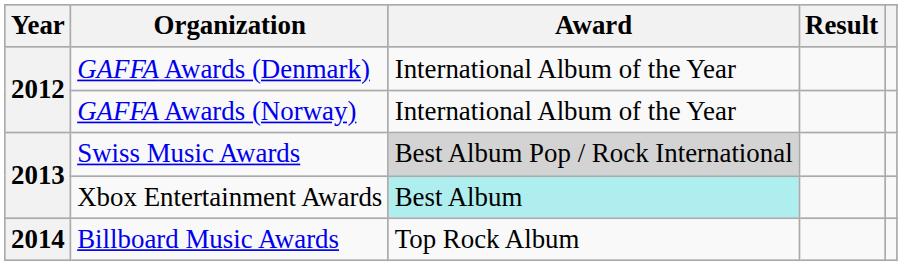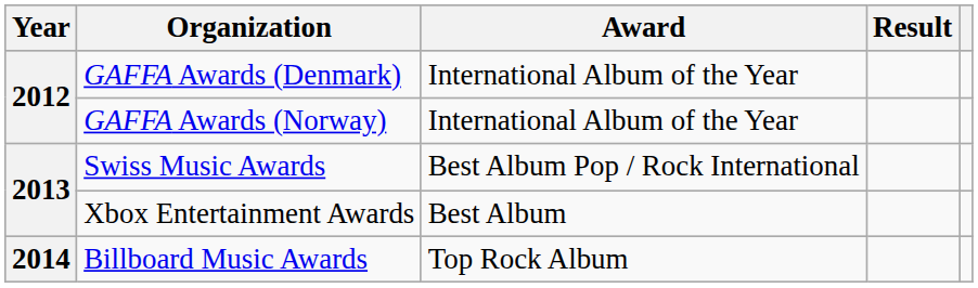 <table class="wikitable plainrowheaders">
 <tr>
 <th>Year</th>
 <th>Organization</th>
 <th>Award</th>
 <th>Result</th>
 <th></th>
 </tr>
 <tr>
 <th rowspan="2" scope="row">2012</th>
 <td><a href='#'><em>GAFFA</em> Awards (Denmark)</a></td>
 <td>International Album of the Year</td>
 <td></td>
 <td></td>
 </tr>
 <tr>
 <td><a href='#'><em>GAFFA</em> Awards (Norway)</a></td>
 <td>International Album of the Year</td>
 <td></td>
 <td></td>
 </tr>
 <tr>
 <th rowspan="2" scope="row">2013</th>
 <td><a href='#'>Swiss Music Awards</a></td>
-<td style="background: lightgrey;">Best Album Pop / Rock International</td>
+<td>Best Album Pop / Rock International</td>
 <td></td>
 <td></td>
 </tr>
 <tr>
 <td>Xbox Entertainment Awards</td>
-<td style="background: paleturquoise;">Best Album</td>
+<td>Best Album</td>
 <td></td>
 <td></td>
 </tr>
 <tr>
 <th scope="row">2014</th>
 <td><a href='#'>Billboard Music Awards</a></td>
 <td>Top Rock Album</td>
 <td></td>
 <td></td>
 </tr>
 </table>
